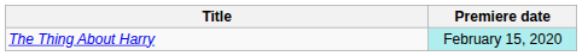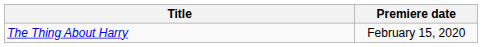 <table class="wikitable plainrowheaders sortable" style="width:50%;text-align:center;">
 <tr>
 <th scope="col" style="width:40%;">Title</th>
 <th scope="col" style="width:14%;">Premiere date</th>
 </tr>
 <tr>
 <td scope="row" style="text-align:left;"><em><a href='#'>The Thing About Harry</a></em></td>
-<td style="background: paleturquoise;">February 15, 2020 </td>
+<td>February 15, 2020 </td>
 </tr>
 </table>
